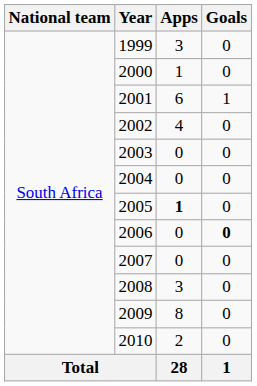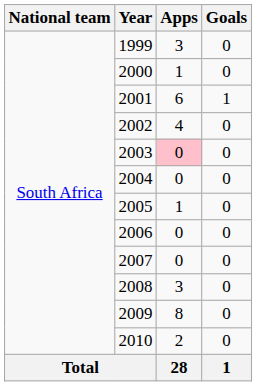 <table class="wikitable" style="text-align:center">
 <tr>
 <th>National team</th>
 <th>Year</th>
 <th>Apps</th>
 <th>Goals</th>
 </tr>
 <tr>
 <td rowspan="12"><a href='#'>South Africa</a></td>
 <td>1999</td>
 <td>3</td>
 <td>0</td>
 </tr>
 <tr>
 <td>2000</td>
 <td>1</td>
 <td>0</td>
 </tr>
 <tr>
 <td>2001</td>
 <td>6</td>
 <td>1</td>
 </tr>
 <tr>
 <td>2002</td>
 <td>4</td>
 <td>0</td>
 </tr>
 <tr>
 <td>2003</td>
-<td>0</td>
+<td style="background: pink;">0</td>
 <td>0</td>
 </tr>
 <tr>
 <td>2004</td>
 <td>0</td>
 <td>0</td>
 </tr>
 <tr>
 <td>2005</td>
-<td><strong>1</strong></td>
+<td>1</td>
 <td>0</td>
 </tr>
 <tr>
 <td>2006</td>
 <td>0</td>
-<td><strong>0</strong></td>
+<td>0</td>
 </tr>
 <tr>
 <td>2007</td>
 <td>0</td>
 <td>0</td>
 </tr>
 <tr>
 <td>2008</td>
 <td>3</td>
 <td>0</td>
 </tr>
 <tr>
 <td>2009</td>
 <td>8</td>
 <td>0</td>
 </tr>
 <tr>
 <td>2010</td>
 <td>2</td>
 <td>0</td>
 </tr>
 <tr>
 <th colspan="2">Total</th>
 <th>28</th>
 <th>1</th>
 </tr>
 </table>
